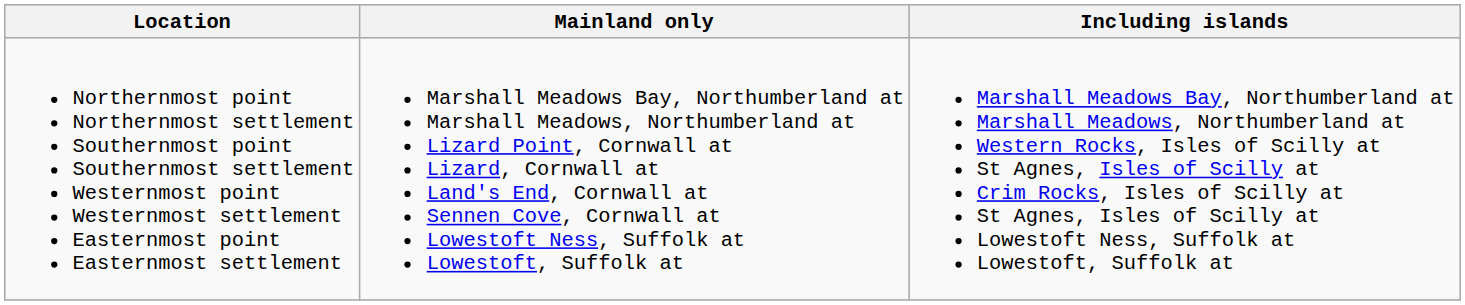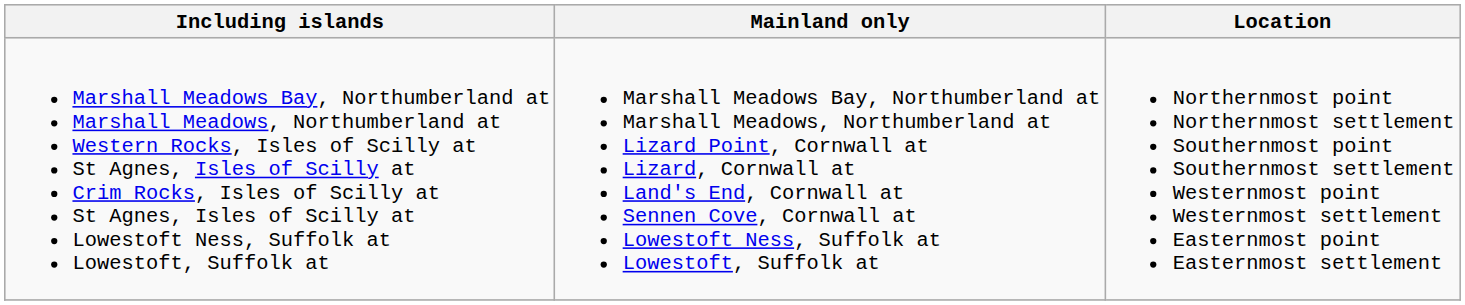 <table class="wikitable"|>
 <tr>
+<th>Including islands</th>
+<th>Mainland only</th>
 <th>Location</th>
-<th>Mainland only</th>
-<th>Including islands</th>
 </tr>
 <tr>
+<td><br><ul><li><a href='#'>Marshall Meadows Bay</a>, Northumberland at </li><li><a href='#'>Marshall Meadows</a>, Northumberland at </li><li><a href='#'>Western Rocks</a>, Isles of Scilly at </li><li>St Agnes, <a href='#'>Isles of Scilly</a> at </li><li><a href='#'>Crim Rocks</a>, Isles of Scilly at </li><li>St Agnes, Isles of Scilly at </li><li>Lowestoft Ness, Suffolk at </li><li>Lowestoft, Suffolk at </li></ul></td>
+<td><br><ul><li>Marshall Meadows Bay, Northumberland at </li><li>Marshall Meadows, Northumberland at </li><li><a href='#'>Lizard Point</a>, Cornwall at </li><li><a href='#'>Lizard</a>, Cornwall at </li><li><a href='#'>Land's End</a>, Cornwall at </li><li><a href='#'>Sennen Cove</a>, Cornwall at </li><li><a href='#'>Lowestoft Ness</a>, Suffolk at </li><li><a href='#'>Lowestoft</a>, Suffolk at </li></ul></td>
 <td><br><ul><li>Northernmost point</li><li>Northernmost settlement</li><li>Southernmost point</li><li>Southernmost settlement</li><li>Westernmost point</li><li>Westernmost settlement</li><li>Easternmost point</li><li>Easternmost settlement</li></ul></td>
-<td><br><ul><li>Marshall Meadows Bay, Northumberland at </li><li>Marshall Meadows, Northumberland at </li><li><a href='#'>Lizard Point</a>, Cornwall at </li><li><a href='#'>Lizard</a>, Cornwall at </li><li><a href='#'>Land's End</a>, Cornwall at </li><li><a href='#'>Sennen Cove</a>, Cornwall at </li><li><a href='#'>Lowestoft Ness</a>, Suffolk at </li><li><a href='#'>Lowestoft</a>, Suffolk at </li></ul></td>
-<td><br><ul><li><a href='#'>Marshall Meadows Bay</a>, Northumberland at </li><li><a href='#'>Marshall Meadows</a>, Northumberland at </li><li><a href='#'>Western Rocks</a>, Isles of Scilly at </li><li>St Agnes, <a href='#'>Isles of Scilly</a> at </li><li><a href='#'>Crim Rocks</a>, Isles of Scilly at </li><li>St Agnes, Isles of Scilly at </li><li>Lowestoft Ness, Suffolk at </li><li>Lowestoft, Suffolk at </li></ul></td>
 </tr>
 </table>
